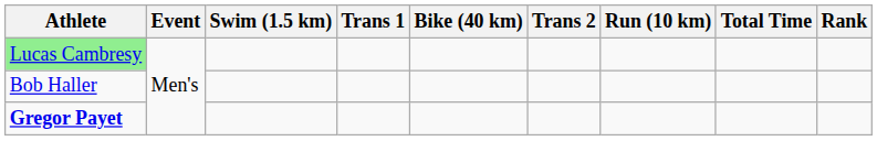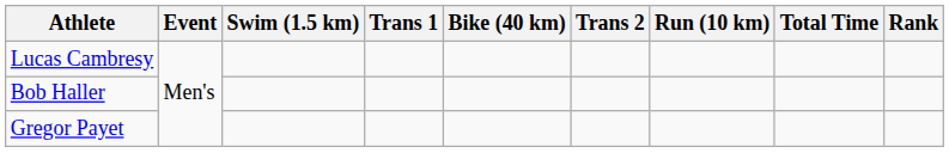 <table class="wikitable" style="font-size:90%">
 <tr>
 <th>Athlete</th>
 <th>Event</th>
 <th>Swim (1.5 km)</th>
 <th>Trans 1</th>
 <th>Bike (40 km)</th>
 <th>Trans 2</th>
 <th>Run (10 km)</th>
 <th>Total Time</th>
 <th>Rank</th>
 </tr>
 <tr align=center>
-<td align=left style="background: lightgreen;"><a href='#'>Lucas Cambresy</a></td>
+<td align=left><a href='#'>Lucas Cambresy</a></td>
 <td align=left rowspan=3>Men's</td>
 <td></td>
 <td></td>
 <td></td>
 <td></td>
 <td></td>
 <td></td>
 <td></td>
 </tr>
 <tr align=center>
 <td align=left><a href='#'>Bob Haller</a></td>
 <td></td>
 <td></td>
 <td></td>
 <td></td>
 <td></td>
 <td></td>
 <td></td>
 </tr>
 <tr align=center>
-<td align=left><strong><a href='#'>Gregor Payet</a></strong></td>
+<td align=left><a href='#'>Gregor Payet</a></td>
 <td></td>
 <td></td>
 <td></td>
 <td></td>
 <td></td>
 <td></td>
 <td></td>
 </tr>
 </table>
